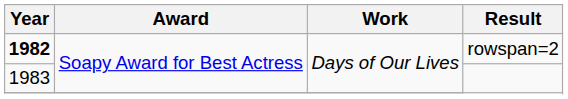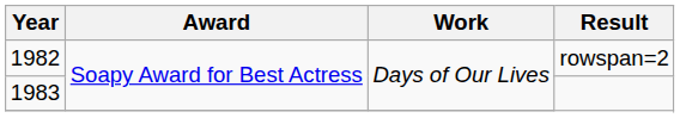 <table class="wikitable sortable">
 <tr>
 <th scope="col">Year</th>
 <th scope="col">Award</th>
 <th scope="col">Work</th>
 <th scope="col">Result</th>
 </tr>
 <tr>
-<td><strong>1982</strong></td>
+<td>1982</td>
 <td rowspan=2 style="text-align:center"><a href='#'>Soapy Award for Best Actress</a></td>
 <td rowspan=2 style="text-align:center"><em>Days of Our Lives</em></td>
 <td>rowspan=2 </td>
 </tr>
 <tr>
 <td>1983</td>
 </tr>
 <tr>
 </tr>
 </table>
